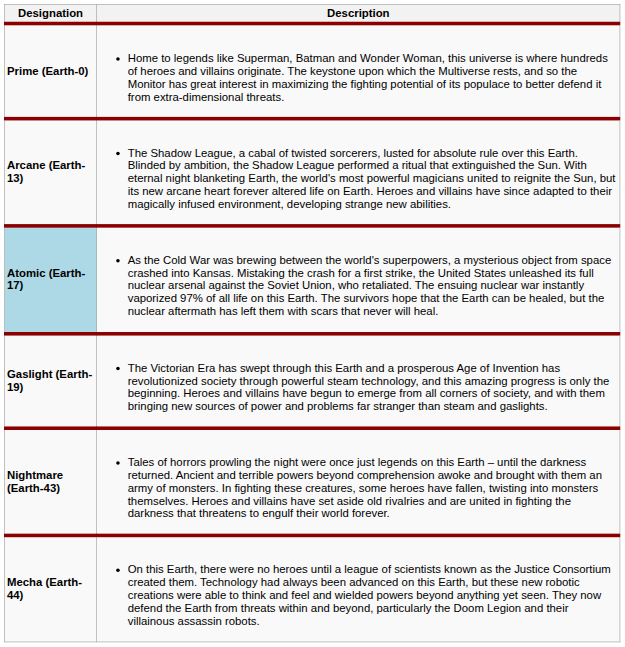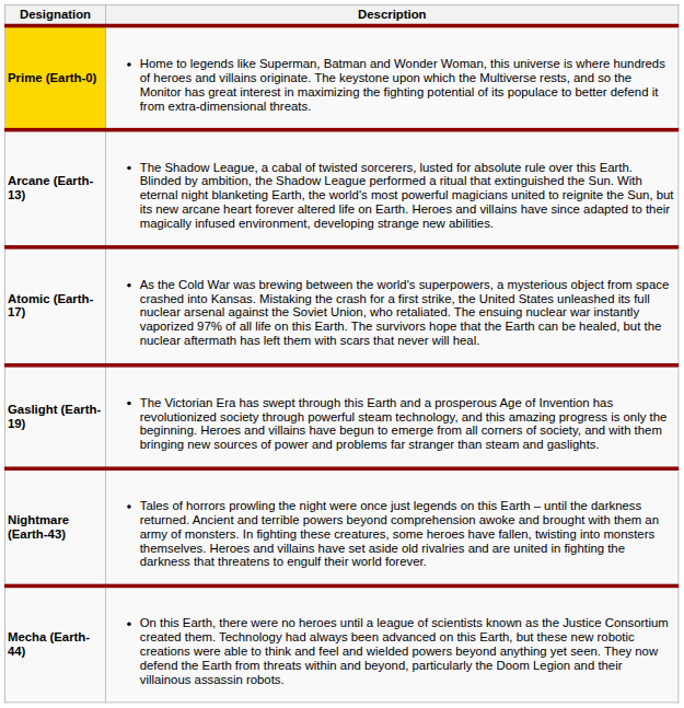 <table class="wikitable">
 <tr>
 <th width=15%>Designation</th>
 <th width=90%>Description</th>
 </tr>
 <tr style="border-top: solid thick darkred">
-<td><strong>Prime (Earth-0)</strong></td>
+<td style="background: gold;"><strong>Prime (Earth-0)</strong></td>
 <td><br><ul><li>Home to legends like Superman, Batman and Wonder Woman, this universe is where hundreds of heroes and villains originate. The keystone upon which the Multiverse rests, and so the Monitor has great interest in maximizing the fighting potential of its populace to better defend it from extra-dimensional threats.</li></ul></td>
 </tr>
 <tr style="border-top: solid thick darkred">
 <td><strong>Arcane (Earth-13)</strong></td>
 <td><br><ul><li>The Shadow League, a cabal of twisted sorcerers, lusted for absolute rule over this Earth. Blinded by ambition, the Shadow League performed a ritual that extinguished the Sun. With eternal night blanketing Earth, the world's most powerful magicians united to reignite the Sun, but its new arcane heart forever altered life on Earth. Heroes and villains have since adapted to their magically infused environment, developing strange new abilities.</li></ul></td>
 </tr>
 <tr style="border-top: solid thick darkred">
-<td style="background: lightblue;"><strong>Atomic (Earth-17)</strong></td>
+<td><strong>Atomic (Earth-17)</strong></td>
 <td><br><ul><li>As the Cold War was brewing between the world's superpowers, a mysterious object from space crashed into Kansas. Mistaking the crash for a first strike, the United States unleashed its full nuclear arsenal against the Soviet Union, who retaliated. The ensuing nuclear war instantly vaporized 97% of all life on this Earth. The survivors hope that the Earth can be healed, but the nuclear aftermath has left them with scars that never will heal.</li></ul></td>
 </tr>
 <tr style="border-top: solid thick darkred">
 <td><strong>Gaslight (Earth-19)</strong></td>
 <td><br><ul><li>The Victorian Era has swept through this Earth and a prosperous Age of Invention has revolutionized society through powerful steam technology, and this amazing progress is only the beginning. Heroes and villains have begun to emerge from all corners of society, and with them bringing new sources of power and problems far stranger than steam and gaslights.</li></ul></td>
 </tr>
 <tr style="border-top: solid thick darkred">
 <td><strong>Nightmare (Earth-43)</strong></td>
 <td><br><ul><li>Tales of horrors prowling the night were once just legends on this Earth – until the darkness returned. Ancient and terrible powers beyond comprehension awoke and brought with them an army of monsters. In fighting these creatures, some heroes have fallen, twisting into monsters themselves. Heroes and villains have set aside old rivalries and are united in fighting the darkness that threatens to engulf their world forever.</li></ul></td>
 </tr>
 <tr style="border-top: solid thick darkred">
 <td><strong>Mecha (Earth-44)</strong></td>
 <td><br><ul><li>On this Earth, there were no heroes until a league of scientists known as the Justice Consortium created them. Technology had always been advanced on this Earth, but these new robotic creations were able to think and feel and wielded powers beyond anything yet seen. They now defend the Earth from threats within and beyond, particularly the Doom Legion and their villainous assassin robots.</li></ul></td>
 </tr>
 </table>
